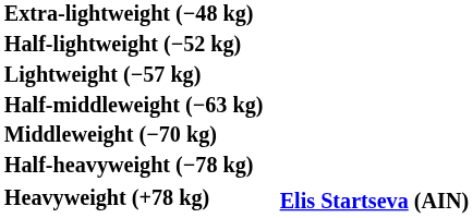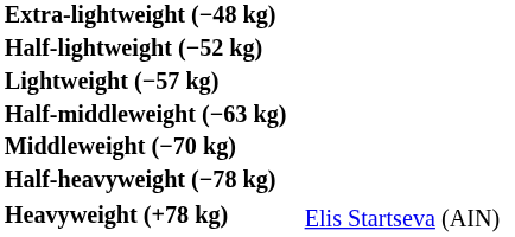 <table>
 <tr>
 <th rowspan=2 style="text-align:left;">Extra-lightweight (−48 kg)</th>
 <td rowspan=2></td>
 <td rowspan=2></td>
 <td></td>
 </tr>
 <tr>
 <td></td>
 </tr>
 <tr>
 <th rowspan=2 style="text-align:left;">Half-lightweight (−52 kg)</th>
 <td rowspan=2></td>
 <td rowspan=2></td>
 <td></td>
 </tr>
 <tr>
 <td></td>
 </tr>
 <tr>
 <th rowspan=2 style="text-align:left;">Lightweight (−57 kg)</th>
 <td rowspan=2></td>
 <td rowspan=2></td>
 <td></td>
 </tr>
 <tr>
 <td></td>
 </tr>
 <tr>
 <th rowspan=2 style="text-align:left;">Half-middleweight (−63 kg)</th>
 <td rowspan=2></td>
 <td rowspan=2></td>
 <td></td>
 </tr>
 <tr>
 <td></td>
 </tr>
 <tr>
 <th rowspan=2 style="text-align:left;">Middleweight (−70 kg)</th>
 <td rowspan=2></td>
 <td rowspan=2></td>
 <td></td>
 </tr>
 <tr>
 <td></td>
 </tr>
 <tr>
 <th rowspan=2 style="text-align:left;">Half-heavyweight (−78 kg)</th>
 <td rowspan=2></td>
 <td rowspan=2></td>
 <td></td>
 </tr>
 <tr>
 <td></td>
 </tr>
 <tr>
 <th rowspan=2 style="text-align:left;">Heavyweight (+78 kg)</th>
 <td rowspan=2></td>
 <td rowspan=2></td>
 <td></td>
 </tr>
 <tr>
-<td><strong> <a href='#'>Elis Startseva</a> <span>(<abbr>AIN</abbr>)</span></strong></td>
+<td> <a href='#'>Elis Startseva</a> <span>(<abbr>AIN</abbr>)</span></td>
 </tr>
 </table>
